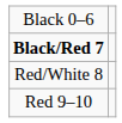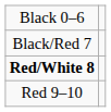 <table class="wikitable" style="float:right;margin-left:4px;text-align:center;">
 <tr>
 <td>Black 0–6</td>
 <td></td>
 </tr>
 <tr>
-<td><strong>Black/Red 7</strong></td>
+<td>Black/Red 7</td>
 <td></td>
 </tr>
 <tr>
-<td>Red/White 8</td>
+<td><strong>Red/White 8</strong></td>
 <td></td>
 </tr>
 <tr>
 <td>Red 9–10</td>
 <td></td>
 </tr>
 </table>
